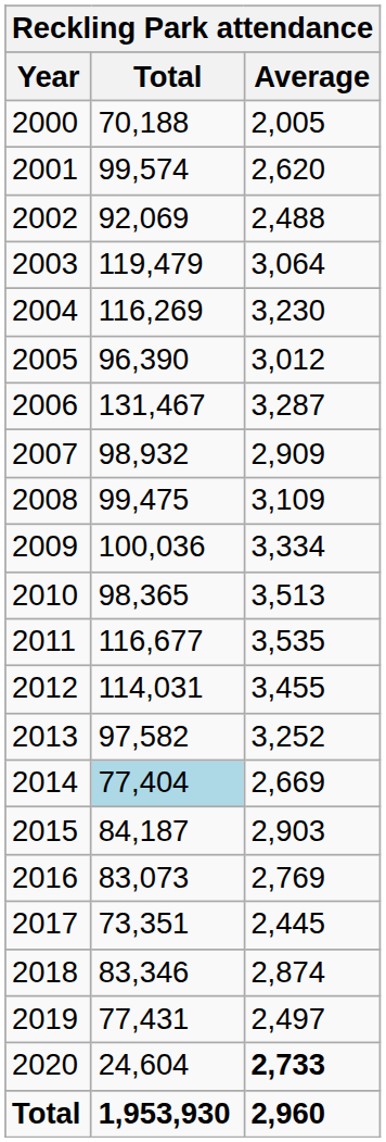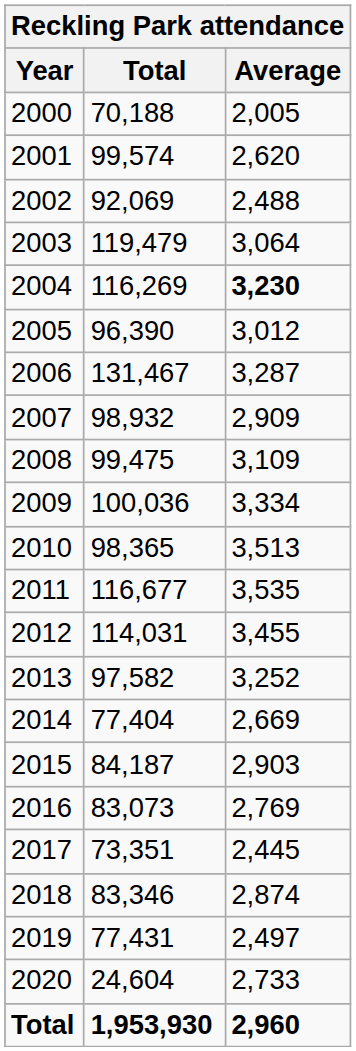 <table class="wikitable" style="float:right; clear:right; margin-left:1em">
 <tr>
 <th colspan=3>Reckling Park attendance</th>
 </tr>
 <tr>
 <th>Year</th>
 <th>Total</th>
 <th>Average</th>
 </tr>
 <tr>
 <td>2000</td>
 <td>70,188</td>
 <td>2,005</td>
 </tr>
 <tr>
 <td>2001</td>
 <td>99,574</td>
 <td>2,620</td>
 </tr>
 <tr>
 <td>2002</td>
 <td>92,069</td>
 <td>2,488</td>
 </tr>
 <tr>
 <td>2003</td>
 <td>119,479</td>
 <td>3,064</td>
 </tr>
 <tr>
 <td>2004</td>
 <td>116,269</td>
-<td>3,230</td>
+<td><strong>3,230</strong></td>
 </tr>
 <tr>
 <td>2005</td>
 <td>96,390</td>
 <td>3,012</td>
 </tr>
 <tr>
 <td>2006</td>
 <td>131,467</td>
 <td>3,287</td>
 </tr>
 <tr>
 <td>2007</td>
 <td>98,932</td>
 <td>2,909</td>
 </tr>
 <tr>
 <td>2008</td>
 <td>99,475</td>
 <td>3,109</td>
 </tr>
 <tr>
 <td>2009</td>
 <td>100,036</td>
 <td>3,334</td>
 </tr>
 <tr>
 <td>2010</td>
 <td>98,365</td>
 <td>3,513</td>
 </tr>
 <tr>
 <td>2011</td>
 <td>116,677</td>
 <td>3,535</td>
 </tr>
 <tr>
 <td>2012</td>
 <td>114,031</td>
 <td>3,455</td>
 </tr>
 <tr>
 <td>2013</td>
 <td>97,582</td>
 <td>3,252</td>
 </tr>
 <tr>
 <td>2014</td>
-<td style="background: lightblue;">77,404</td>
+<td>77,404</td>
 <td>2,669</td>
 </tr>
 <tr>
 <td>2015</td>
 <td>84,187</td>
 <td>2,903</td>
 </tr>
 <tr>
 <td>2016</td>
 <td>83,073</td>
 <td>2,769</td>
 </tr>
 <tr>
 <td>2017</td>
 <td>73,351</td>
 <td>2,445</td>
 </tr>
 <tr>
 <td>2018</td>
 <td>83,346</td>
 <td>2,874</td>
 </tr>
 <tr>
 <td>2019</td>
 <td>77,431</td>
 <td>2,497</td>
 </tr>
 <tr>
 <td>2020</td>
 <td>24,604</td>
-<td><strong>2,733</strong></td>
+<td>2,733</td>
 </tr>
 <tr style="font-weight:bold">
 <td>Total</td>
 <td>1,953,930</td>
 <td>2,960</td>
 </tr>
 </table>
